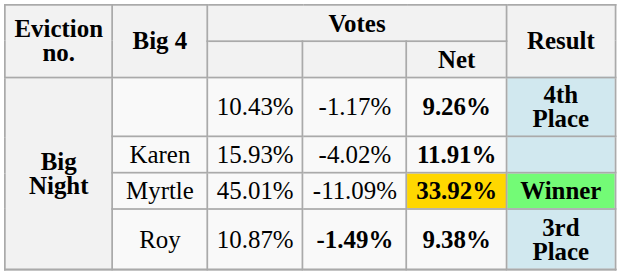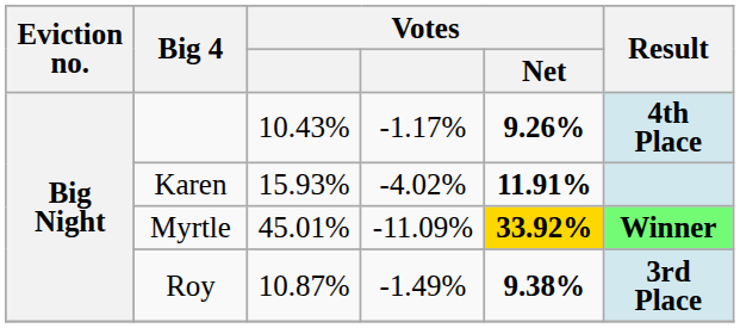 <table class="wikitable" style="text-align:center; font-size:90%; line-height:14px;" width="40%">
 <tr>
 <th rowspan="2" width="05%">Eviction no.</th>
 <th rowspan="2" width="10%">Big 4</th>
 <th colspan="3" width="15%">Votes</th>
 <th rowspan="2" width="10%">Result</th>
 </tr>
 <tr>
 <th width="05%"></th>
 <th width="05%"></th>
 <th width="05%">Net</th>
 </tr>
 <tr>
 <th rowspan=4>Big Night</th>
 <td></td>
 <td>10.43%</td>
 <td>-1.17%</td>
 <td><strong>	9.26%	</strong></td>
 <td align="center" bgcolor="#D1E8EF"><strong>4th Place</strong></td>
 </tr>
 <tr>
 <td>Karen</td>
 <td>15.93%</td>
 <td>-4.02%</td>
 <td><strong>	11.91%	</strong></td>
 <td align="center" bgcolor="#D1E8EF"><strong></strong></td>
 </tr>
 <tr>
 <td>Myrtle</td>
 <td>45.01%</td>
 <td>-11.09%</td>
 <td style="background: gold;"><strong>	33.92%	</strong></td>
 <td align="center" bgcolor="#73FB76"><strong>Winner</strong></td>
 </tr>
 <tr>
 <td>Roy</td>
 <td>10.87%</td>
-<td><strong>-1.49%</strong></td>
+<td>-1.49%</td>
 <td><strong>	9.38%	</strong></td>
 <td align="center" bgcolor="#D1E8EF"><strong>3rd Place</strong></td>
 </tr>
 <tr>
 </tr>
 </table>
